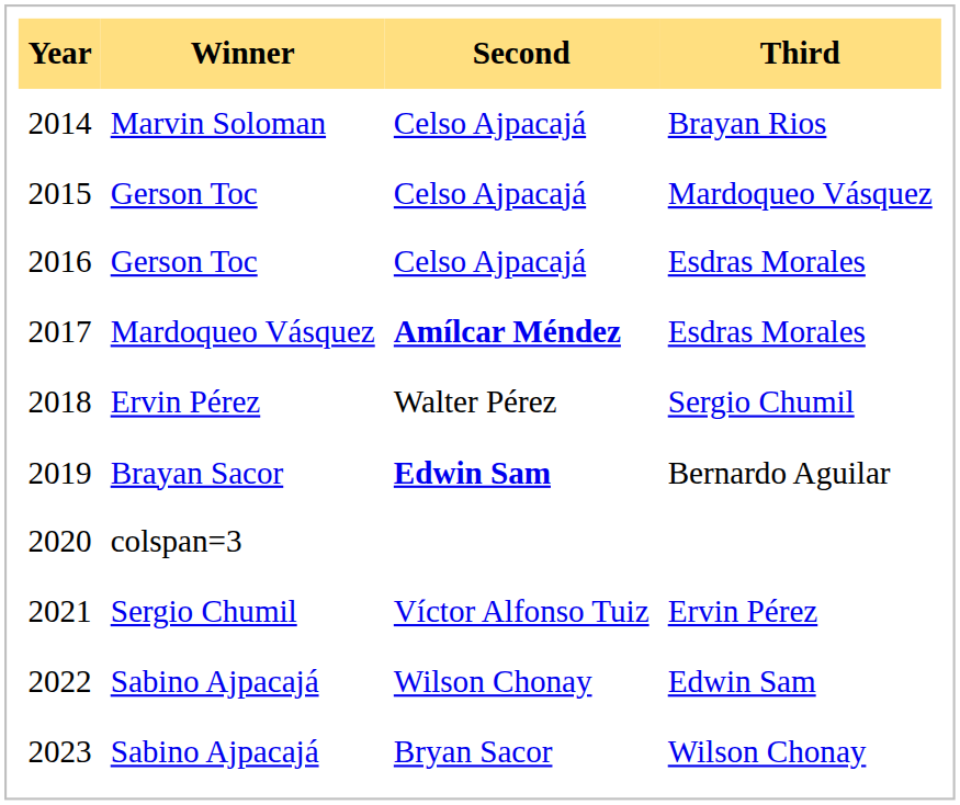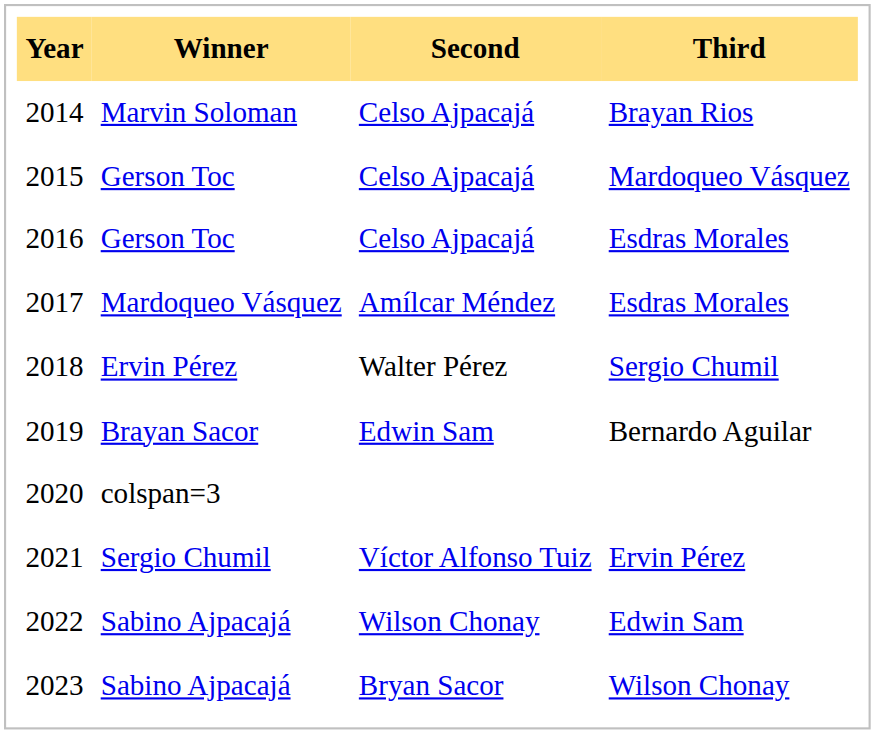 <table cellpadding="4" cellspacing="0"  style="border: 1px solid silver; color: black; margin: 0 0 0.5em 0; background-color: white; padding: 5px; text-align: left; font-size:85%; vertical-align: top; line-height:1.6em;">
 <tr>
 <th scope=col; align="center" bgcolor="FFDF80">Year</th>
 <th scope=col; align="center" bgcolor="FFDF80">Winner</th>
 <th scope=col; align="center" bgcolor="FFDF80">Second</th>
 <th scope=col; align="center" bgcolor="FFDF80">Third</th>
 </tr>
 <tr>
 <td>2014</td>
 <td><a href='#'>Marvin Soloman</a></td>
 <td><a href='#'>Celso Ajpacajá</a></td>
 <td><a href='#'>Brayan Rios</a></td>
 </tr>
 <tr>
 <td>2015</td>
 <td><a href='#'>Gerson Toc</a></td>
 <td><a href='#'>Celso Ajpacajá</a></td>
 <td><a href='#'>Mardoqueo Vásquez</a></td>
 </tr>
 <tr>
 <td>2016</td>
 <td><a href='#'>Gerson Toc</a></td>
 <td><a href='#'>Celso Ajpacajá</a></td>
 <td><a href='#'>Esdras Morales</a></td>
 </tr>
 <tr>
 <td>2017</td>
 <td><a href='#'>Mardoqueo Vásquez</a></td>
-<td><strong><a href='#'>Amílcar Méndez</a></strong></td>
+<td><a href='#'>Amílcar Méndez</a></td>
 <td><a href='#'>Esdras Morales</a></td>
 </tr>
 <tr>
 <td>2018</td>
 <td><a href='#'>Ervin Pérez</a></td>
 <td>Walter Pérez</td>
 <td><a href='#'>Sergio Chumil</a></td>
 </tr>
 <tr>
 <td>2019</td>
 <td><a href='#'>Brayan Sacor</a></td>
-<td><strong><a href='#'>Edwin Sam</a></strong></td>
+<td><a href='#'>Edwin Sam</a></td>
 <td>Bernardo Aguilar</td>
 </tr>
 <tr>
 <td>2020</td>
 <td>colspan=3 </td>
 </tr>
 <tr>
 <td>2021</td>
 <td><a href='#'>Sergio Chumil</a></td>
 <td><a href='#'>Víctor Alfonso Tuiz</a></td>
 <td><a href='#'>Ervin Pérez</a></td>
 </tr>
 <tr>
 <td>2022</td>
 <td><a href='#'>Sabino Ajpacajá</a></td>
 <td><a href='#'>Wilson Chonay</a></td>
 <td><a href='#'>Edwin Sam</a></td>
 </tr>
 <tr>
 <td>2023</td>
 <td><a href='#'>Sabino Ajpacajá</a></td>
 <td><a href='#'>Bryan Sacor</a></td>
 <td><a href='#'>Wilson Chonay</a></td>
 </tr>
 </table>
